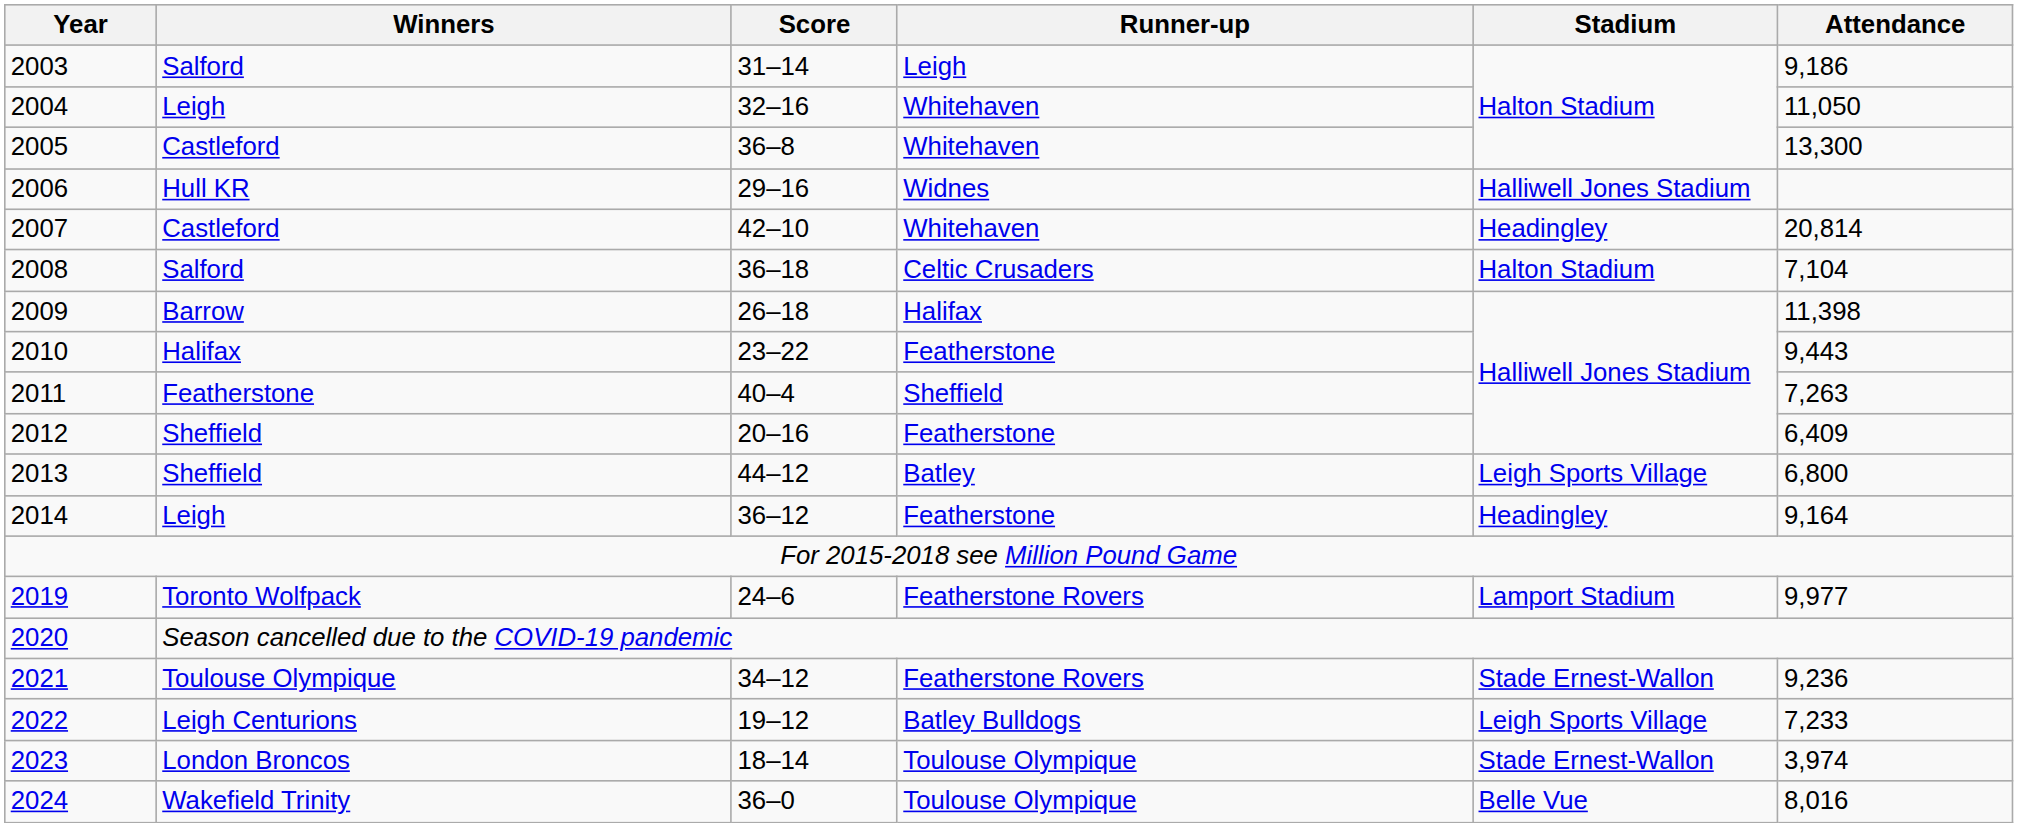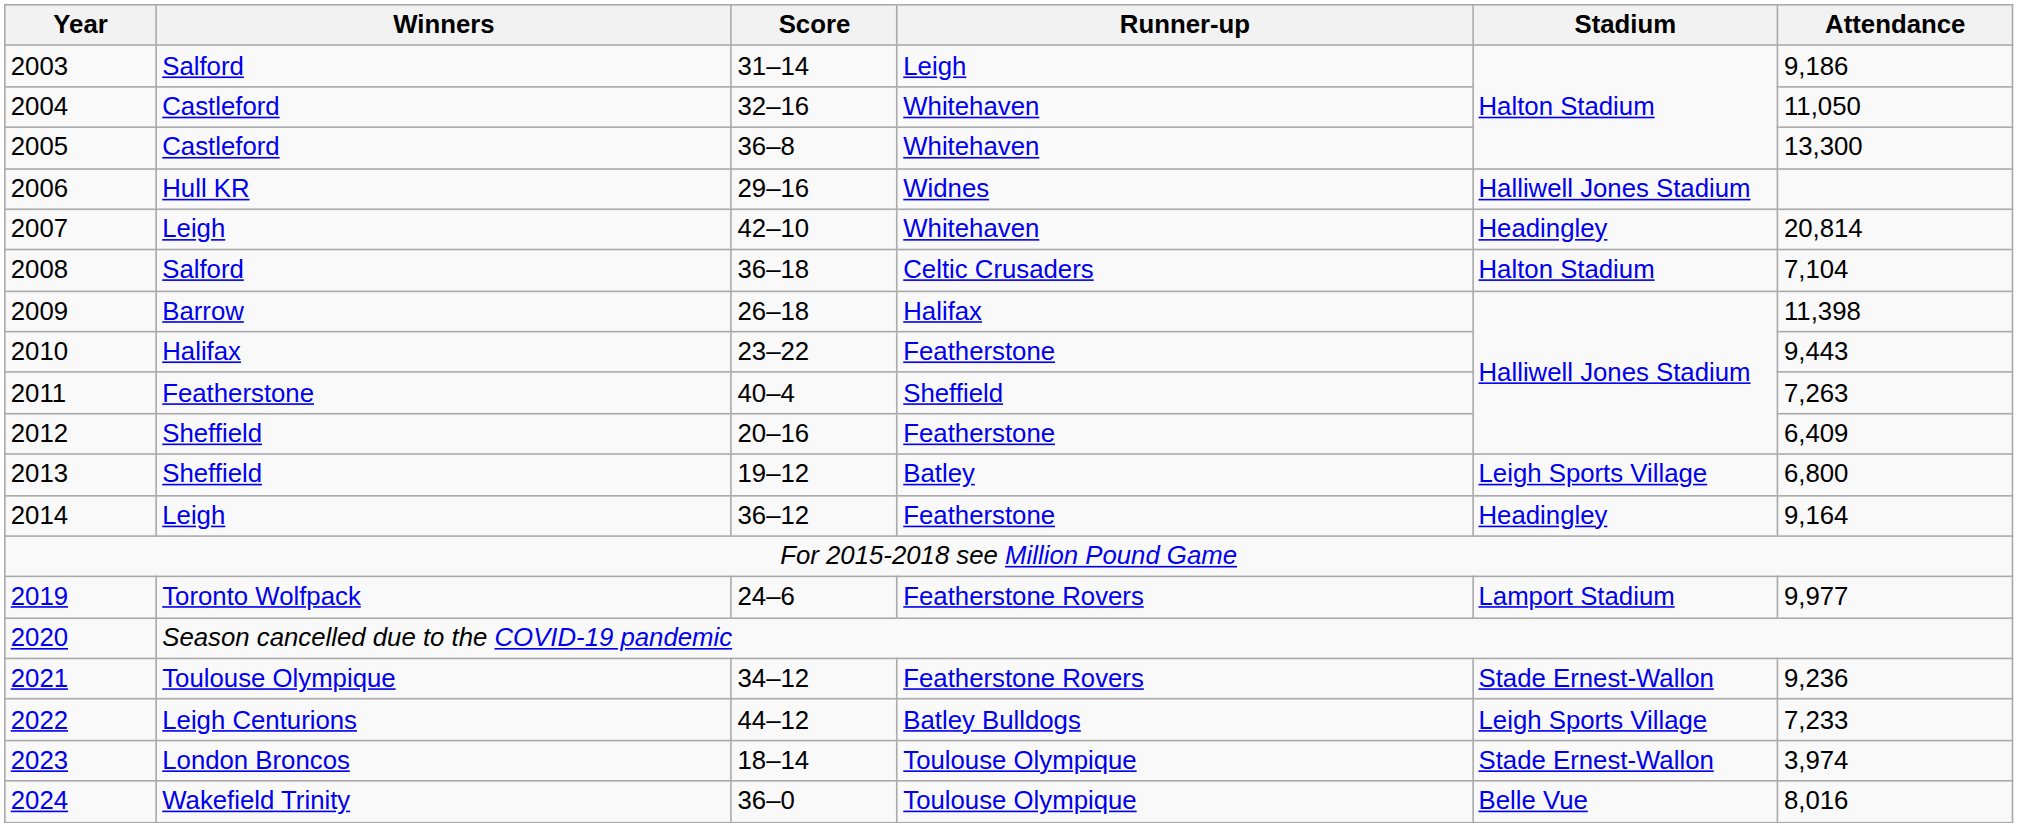 <table class="wikitable">
 <tr>
 <th width=1%>Year</th>
 <th width=5%>Winners</th>
 <th width=1%>Score</th>
 <th width=5%>Runner-up</th>
 <th width=2%>Stadium</th>
 <th width=1%>Attendance</th>
 </tr>
 <tr>
 <td>2003</td>
 <td> <a href='#'>Salford</a></td>
 <td>31–14</td>
 <td> <a href='#'>Leigh</a></td>
 <td rowspan=3><a href='#'>Halton Stadium</a></td>
 <td>9,186</td>
 </tr>
 <tr>
 <td>2004</td>
-<td> <a href='#'>Leigh</a></td>
+<td> <a href='#'>Castleford</a></td>
 <td>32–16</td>
 <td> <a href='#'>Whitehaven</a></td>
 <td>11,050</td>
 </tr>
 <tr>
 <td>2005</td>
 <td> <a href='#'>Castleford</a></td>
 <td>36–8</td>
 <td> <a href='#'>Whitehaven</a></td>
 <td>13,300</td>
 </tr>
 <tr>
 <td>2006</td>
 <td> <a href='#'>Hull KR</a></td>
 <td>29–16</td>
 <td> <a href='#'>Widnes</a></td>
 <td><a href='#'>Halliwell Jones Stadium</a></td>
 <td></td>
 </tr>
 <tr>
 <td>2007</td>
-<td> <a href='#'>Castleford</a></td>
+<td> <a href='#'>Leigh</a></td>
 <td>42–10</td>
 <td> <a href='#'>Whitehaven</a></td>
 <td><a href='#'>Headingley</a></td>
 <td>20,814</td>
 </tr>
 <tr>
 <td>2008</td>
 <td> <a href='#'>Salford</a></td>
 <td>36–18</td>
 <td> <a href='#'>Celtic Crusaders</a></td>
 <td><a href='#'>Halton Stadium</a></td>
 <td>7,104</td>
 </tr>
 <tr>
 <td>2009</td>
 <td> <a href='#'>Barrow</a></td>
 <td>26–18</td>
 <td> <a href='#'>Halifax</a></td>
 <td rowspan=4><a href='#'>Halliwell Jones Stadium</a></td>
 <td>11,398</td>
 </tr>
 <tr>
 <td>2010</td>
 <td> <a href='#'>Halifax</a></td>
 <td>23–22</td>
 <td> <a href='#'>Featherstone</a></td>
 <td>9,443</td>
 </tr>
 <tr>
 <td>2011</td>
 <td> <a href='#'>Featherstone</a></td>
 <td>40–4</td>
 <td> <a href='#'>Sheffield</a></td>
 <td>7,263</td>
 </tr>
 <tr>
 <td>2012</td>
 <td> <a href='#'>Sheffield</a></td>
 <td>20–16</td>
 <td> <a href='#'>Featherstone</a></td>
 <td>6,409</td>
 </tr>
 <tr>
 <td>2013</td>
 <td> <a href='#'>Sheffield</a></td>
-<td>44–12</td>
+<td>19–12</td>
 <td> <a href='#'>Batley</a></td>
 <td><a href='#'>Leigh Sports Village</a></td>
 <td>6,800</td>
 </tr>
 <tr>
 <td>2014</td>
 <td> <a href='#'>Leigh</a></td>
 <td>36–12</td>
 <td> <a href='#'>Featherstone</a></td>
 <td><a href='#'>Headingley</a></td>
 <td>9,164</td>
 </tr>
 <tr>
 <td colspan=6 style="text-align:center"><em>For 2015-2018 see <a href='#'>Million Pound Game</a></em></td>
 </tr>
 <tr>
 <td><a href='#'>2019</a></td>
 <td> <a href='#'>Toronto Wolfpack</a></td>
 <td>24–6</td>
 <td> <a href='#'>Featherstone Rovers</a></td>
 <td><a href='#'>Lamport Stadium</a></td>
 <td>9,977</td>
 </tr>
 <tr>
 <td><a href='#'>2020</a></td>
 <td colspan="5"><em>Season cancelled due to the <a href='#'>COVID-19 pandemic</a></em></td>
 </tr>
 <tr>
 <td><a href='#'>2021</a></td>
 <td> <a href='#'>Toulouse Olympique</a></td>
 <td>34–12</td>
 <td> <a href='#'>Featherstone Rovers</a></td>
 <td><a href='#'>Stade Ernest-Wallon</a></td>
 <td>9,236</td>
 </tr>
 <tr>
 <td><a href='#'>2022</a></td>
 <td>  <a href='#'>Leigh Centurions</a></td>
-<td>19–12</td>
+<td>44–12</td>
 <td>  <a href='#'>Batley Bulldogs</a></td>
 <td><a href='#'>Leigh Sports Village</a></td>
 <td>7,233</td>
 </tr>
 <tr>
 <td><a href='#'>2023</a></td>
 <td> <a href='#'>London Broncos</a></td>
 <td>18–14</td>
 <td> <a href='#'>Toulouse Olympique</a></td>
 <td><a href='#'>Stade Ernest-Wallon</a></td>
 <td>3,974</td>
 </tr>
 <tr>
 <td><a href='#'>2024</a></td>
 <td> <a href='#'>Wakefield Trinity</a></td>
 <td>36–0</td>
 <td> <a href='#'>Toulouse Olympique</a></td>
 <td><a href='#'>Belle Vue</a></td>
 <td>8,016</td>
 </tr>
 </table>
